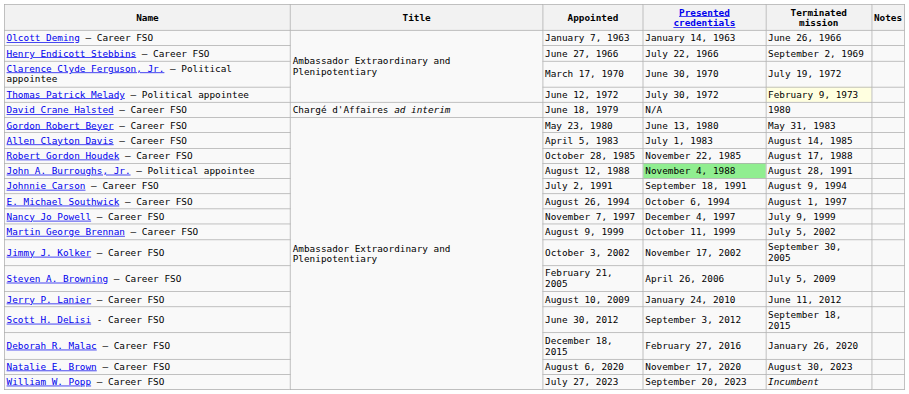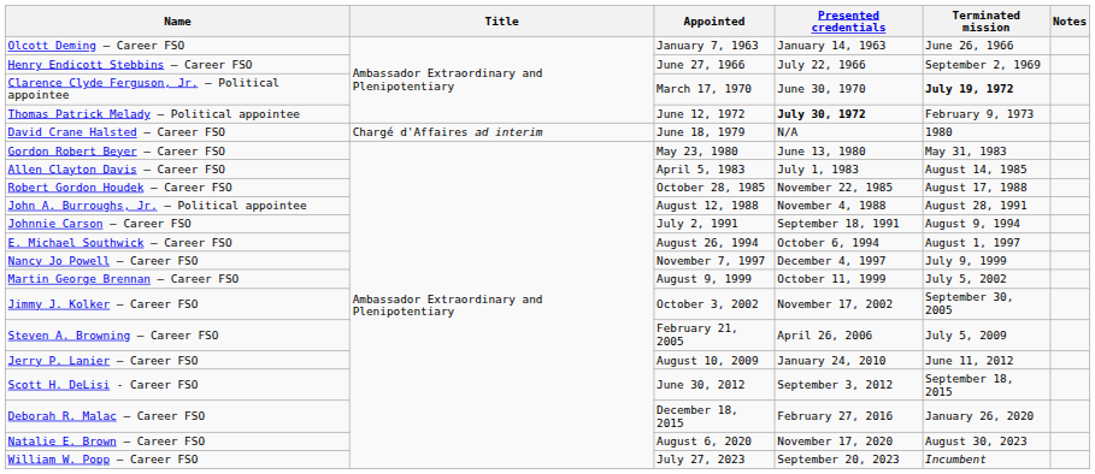 <table class="wikitable">
 <tr>
 <th>Name</th>
 <th>Title</th>
 <th>Appointed</th>
 <th><a href='#'>Presented credentials</a></th>
 <th>Terminated mission</th>
 <th>Notes</th>
 </tr>
 <tr>
 <td><a href='#'>Olcott Deming</a> – Career FSO</td>
 <td rowspan="4">Ambassador Extraordinary and Plenipotentiary</td>
 <td>January 7, 1963</td>
 <td>January 14, 1963</td>
 <td>June 26, 1966</td>
 <td></td>
 </tr>
 <tr>
 <td><a href='#'>Henry Endicott Stebbins</a> – Career FSO</td>
 <td>June 27, 1966</td>
 <td>July 22, 1966</td>
 <td>September 2, 1969</td>
 <td></td>
 </tr>
 <tr>
 <td><a href='#'>Clarence Clyde Ferguson, Jr.</a> – Political appointee</td>
 <td>March 17, 1970</td>
 <td>June 30, 1970</td>
-<td>July 19, 1972</td>
+<td><strong>July 19, 1972</strong></td>
 <td></td>
 </tr>
 <tr>
 <td><a href='#'>Thomas Patrick Melady</a> – Political appointee</td>
 <td>June 12, 1972</td>
-<td>July 30, 1972</td>
-<td style="background: lightyellow;">February 9, 1973</td>
+<td><strong>July 30, 1972</strong></td>
+<td>February 9, 1973</td>
 <td></td>
 </tr>
 <tr>
 <td><a href='#'>David Crane Halsted</a> – Career FSO</td>
 <td>Chargé d'Affaires <em>ad interim</em></td>
 <td>June 18, 1979</td>
 <td>N/A</td>
 <td>1980</td>
 <td></td>
 </tr>
 <tr>
 <td><a href='#'>Gordon Robert Beyer</a> – Career FSO</td>
 <td rowspan="15">Ambassador Extraordinary and Plenipotentiary</td>
 <td>May 23, 1980</td>
 <td>June 13, 1980</td>
 <td>May 31, 1983</td>
 <td></td>
 </tr>
 <tr>
 <td><a href='#'>Allen Clayton Davis</a> – Career FSO</td>
 <td>April 5, 1983</td>
 <td>July 1, 1983</td>
 <td>August 14, 1985</td>
 <td></td>
 </tr>
 <tr>
 <td><a href='#'>Robert Gordon Houdek</a> – Career FSO</td>
 <td>October 28, 1985</td>
 <td>November 22, 1985</td>
 <td>August 17, 1988</td>
 <td></td>
 </tr>
 <tr>
 <td><a href='#'>John A. Burroughs, Jr.</a> – Political appointee</td>
 <td>August 12, 1988</td>
-<td style="background: lightgreen;">November 4, 1988</td>
+<td>November 4, 1988</td>
 <td>August 28, 1991</td>
 <td></td>
 </tr>
 <tr>
 <td><a href='#'>Johnnie Carson</a> – Career FSO</td>
 <td>July 2, 1991</td>
 <td>September 18, 1991</td>
 <td>August 9, 1994</td>
 <td></td>
 </tr>
 <tr>
 <td><a href='#'>E. Michael Southwick</a> – Career FSO</td>
 <td>August 26, 1994</td>
 <td>October 6, 1994</td>
 <td>August 1, 1997</td>
 <td></td>
 </tr>
 <tr>
 <td><a href='#'>Nancy Jo Powell</a> – Career FSO</td>
 <td>November 7, 1997</td>
 <td>December 4, 1997</td>
 <td>July 9, 1999</td>
 <td></td>
 </tr>
 <tr>
 <td><a href='#'>Martin George Brennan</a> – Career FSO</td>
 <td>August 9, 1999</td>
 <td>October 11, 1999</td>
 <td>July 5, 2002</td>
 <td></td>
 </tr>
 <tr>
 <td><a href='#'>Jimmy J. Kolker</a> – Career FSO</td>
 <td>October 3, 2002</td>
 <td>November 17, 2002</td>
 <td>September 30, 2005</td>
 <td></td>
 </tr>
 <tr>
 <td><a href='#'>Steven A. Browning</a> – Career FSO</td>
 <td>February 21, 2005</td>
 <td>April 26, 2006</td>
 <td>July 5, 2009</td>
 <td></td>
 </tr>
 <tr>
 <td><a href='#'>Jerry P. Lanier</a> – Career FSO</td>
 <td>August 10, 2009</td>
 <td>January 24, 2010</td>
 <td>June 11, 2012</td>
 <td></td>
 </tr>
 <tr>
 <td><a href='#'>Scott H. DeLisi</a> - Career FSO</td>
 <td>June 30, 2012</td>
 <td>September 3, 2012</td>
 <td>September 18, 2015</td>
 <td></td>
 </tr>
 <tr>
 <td><a href='#'>Deborah R. Malac</a> – Career FSO</td>
 <td>December 18, 2015</td>
 <td>February 27, 2016</td>
 <td>January 26, 2020</td>
 <td></td>
 </tr>
 <tr>
 <td><a href='#'>Natalie E. Brown</a> – Career FSO</td>
 <td>August 6, 2020</td>
 <td>November 17, 2020</td>
 <td>August 30, 2023</td>
 <td></td>
 </tr>
 <tr>
 <td><a href='#'>William W. Popp</a> – Career FSO</td>
 <td>July 27, 2023</td>
 <td>September 20, 2023</td>
 <td><em>Incumbent</em></td>
 <td></td>
 </tr>
 </table>
